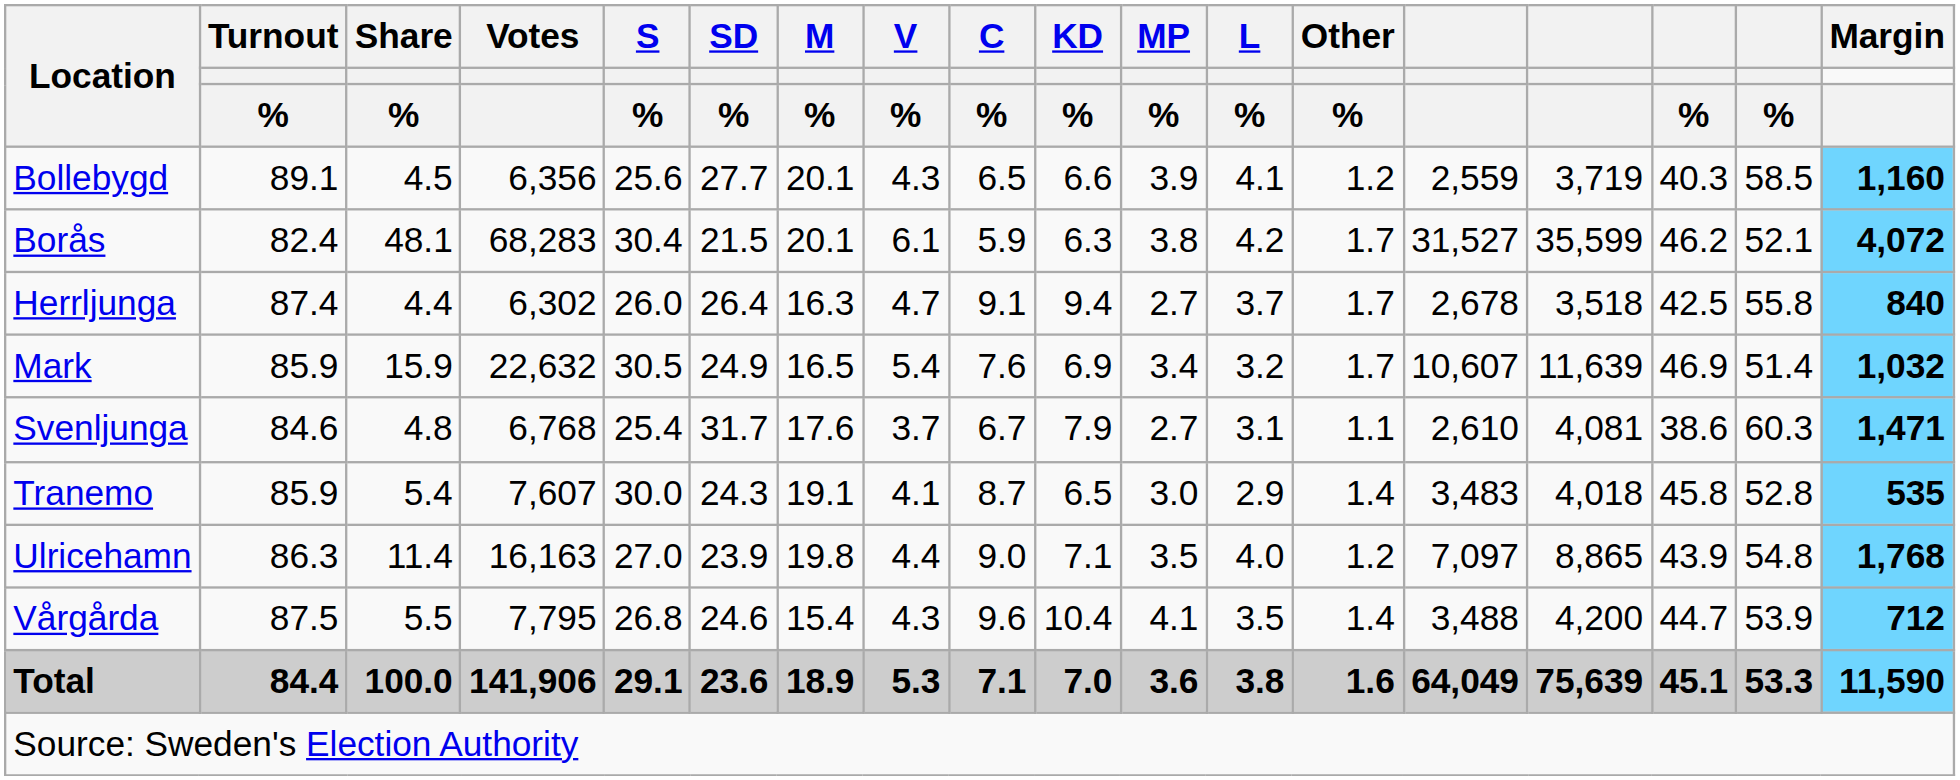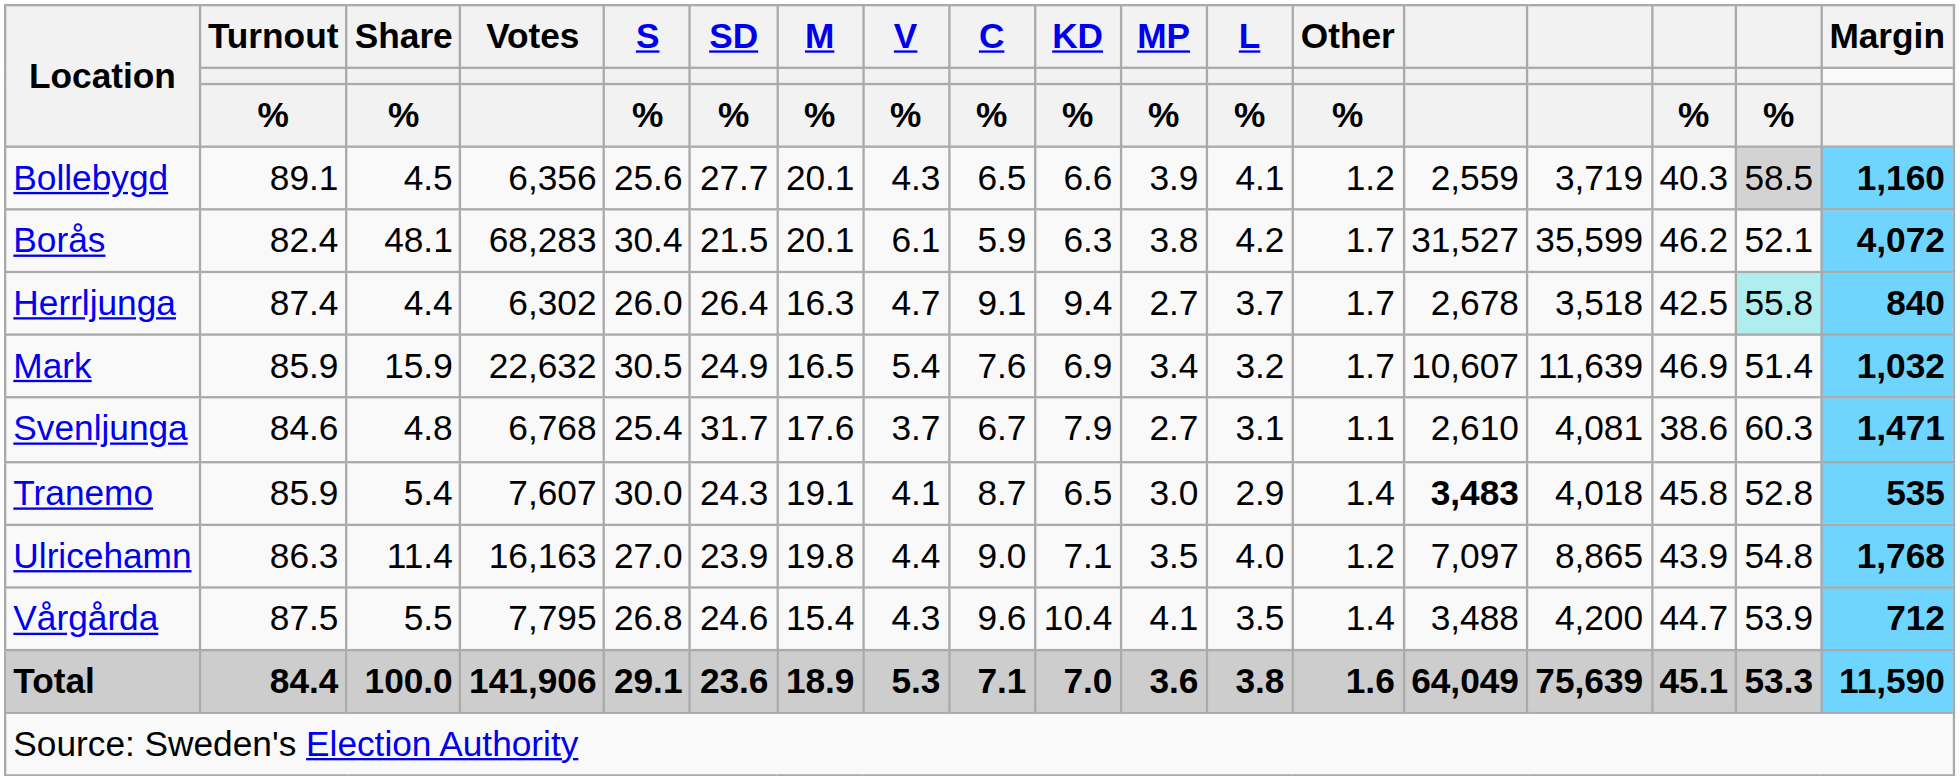 <table class="wikitable sortable" style="text-align:right; font-size:95%; line-height:20px;">
 <tr>
 <th rowspan="3">Location</th>
 <th>Turnout</th>
 <th>Share</th>
 <th>Votes</th>
 <th width="30px" class="unsortable"><a href='#'>S</a></th>
 <th width="30px" class="unsortable"><a href='#'>SD</a></th>
 <th width="30px" class="unsortable"><a href='#'>M</a></th>
 <th width="30px" class="unsortable"><a href='#'>V</a></th>
 <th width="30px" class="unsortable"><a href='#'>C</a></th>
 <th width="30px" class="unsortable"><a href='#'>KD</a></th>
 <th width="30px" class="unsortable"><a href='#'>MP</a></th>
 <th width="30px" class="unsortable"><a href='#'>L</a></th>
 <th width="30px" class="unsortable">Other</th>
 <th></th>
 <th></th>
 <th></th>
 <th></th>
 <th>Margin</th>
 </tr>
 <tr>
 <th></th>
 <th></th>
 <th></th>
 <th style="background:"></th>
 <th style="background:"></th>
 <th style="background:"></th>
 <th style="background:"></th>
 <th style="background:"></th>
 <th style="background:"></th>
 <th style="background:"></th>
 <th style="background:"></th>
 <th style="background:"></th>
 <th style="background:"></th>
 <th style="background:"></th>
 <th style="background:"></th>
 <th style="background:"></th>
 </tr>
 <tr>
 <th data-sort-type="number">%</th>
 <th data-sort-type="number">%</th>
 <th></th>
 <th data-sort-type="number">%</th>
 <th data-sort-type="number">%</th>
 <th data-sort-type="number">%</th>
 <th data-sort-type="number">%</th>
 <th data-sort-type="number">%</th>
 <th data-sort-type="number">%</th>
 <th data-sort-type="number">%</th>
 <th data-sort-type="number">%</th>
 <th data-sort-type="number">%</th>
 <th data-sort-type="number"></th>
 <th data-sort-type="number"></th>
 <th data-sort-type="number">%</th>
 <th data-sort-type="number">%</th>
 <th data-sort-type="number"></th>
 </tr>
 <tr>
 <td align="left"><a href='#'>Bollebygd</a></td>
 <td>89.1</td>
 <td>4.5</td>
 <td>6,356</td>
 <td>25.6</td>
 <td>27.7</td>
 <td>20.1</td>
 <td>4.3</td>
 <td>6.5</td>
 <td>6.6</td>
 <td>3.9</td>
 <td>4.1</td>
 <td>1.2</td>
 <td>2,559</td>
 <td>3,719</td>
 <td>40.3</td>
-<td>58.5</td>
+<td style="background: lightgrey;">58.5</td>
 <td bgcolor=#6fd5fe><strong>1,160</strong></td>
 </tr>
 <tr>
 <td align="left"><a href='#'>Borås</a></td>
 <td>82.4</td>
 <td>48.1</td>
 <td>68,283</td>
 <td>30.4</td>
 <td>21.5</td>
 <td>20.1</td>
 <td>6.1</td>
 <td>5.9</td>
 <td>6.3</td>
 <td>3.8</td>
 <td>4.2</td>
 <td>1.7</td>
 <td>31,527</td>
 <td>35,599</td>
 <td>46.2</td>
 <td>52.1</td>
 <td bgcolor=#6fd5fe><strong>4,072</strong></td>
 </tr>
 <tr>
 <td align="left"><a href='#'>Herrljunga</a></td>
 <td>87.4</td>
 <td>4.4</td>
 <td>6,302</td>
 <td>26.0</td>
 <td>26.4</td>
 <td>16.3</td>
 <td>4.7</td>
 <td>9.1</td>
 <td>9.4</td>
 <td>2.7</td>
 <td>3.7</td>
 <td>1.7</td>
 <td>2,678</td>
 <td>3,518</td>
 <td>42.5</td>
-<td>55.8</td>
+<td style="background: paleturquoise;">55.8</td>
 <td bgcolor=#6fd5fe><strong>840</strong></td>
 </tr>
 <tr>
 <td align="left"><a href='#'>Mark</a></td>
 <td>85.9</td>
 <td>15.9</td>
 <td>22,632</td>
 <td>30.5</td>
 <td>24.9</td>
 <td>16.5</td>
 <td>5.4</td>
 <td>7.6</td>
 <td>6.9</td>
 <td>3.4</td>
 <td>3.2</td>
 <td>1.7</td>
 <td>10,607</td>
 <td>11,639</td>
 <td>46.9</td>
 <td>51.4</td>
 <td bgcolor=#6fd5fe><strong>1,032</strong></td>
 </tr>
 <tr>
 <td align="left"><a href='#'>Svenljunga</a></td>
 <td>84.6</td>
 <td>4.8</td>
 <td>6,768</td>
 <td>25.4</td>
 <td>31.7</td>
 <td>17.6</td>
 <td>3.7</td>
 <td>6.7</td>
 <td>7.9</td>
 <td>2.7</td>
 <td>3.1</td>
 <td>1.1</td>
 <td>2,610</td>
 <td>4,081</td>
 <td>38.6</td>
 <td>60.3</td>
 <td bgcolor=#6fd5fe><strong>1,471</strong></td>
 </tr>
 <tr>
 <td align="left"><a href='#'>Tranemo</a></td>
 <td>85.9</td>
 <td>5.4</td>
 <td>7,607</td>
 <td>30.0</td>
 <td>24.3</td>
 <td>19.1</td>
 <td>4.1</td>
 <td>8.7</td>
 <td>6.5</td>
 <td>3.0</td>
 <td>2.9</td>
 <td>1.4</td>
-<td>3,483</td>
+<td><strong>3,483</strong></td>
 <td>4,018</td>
 <td>45.8</td>
 <td>52.8</td>
 <td bgcolor=#6fd5fe><strong>535</strong></td>
 </tr>
 <tr>
 <td align="left"><a href='#'>Ulricehamn</a></td>
 <td>86.3</td>
 <td>11.4</td>
 <td>16,163</td>
 <td>27.0</td>
 <td>23.9</td>
 <td>19.8</td>
 <td>4.4</td>
 <td>9.0</td>
 <td>7.1</td>
 <td>3.5</td>
 <td>4.0</td>
 <td>1.2</td>
 <td>7,097</td>
 <td>8,865</td>
 <td>43.9</td>
 <td>54.8</td>
 <td bgcolor=#6fd5fe><strong>1,768</strong></td>
 </tr>
 <tr>
 <td align="left"><a href='#'>Vårgårda</a></td>
 <td>87.5</td>
 <td>5.5</td>
 <td>7,795</td>
 <td>26.8</td>
 <td>24.6</td>
 <td>15.4</td>
 <td>4.3</td>
 <td>9.6</td>
 <td>10.4</td>
 <td>4.1</td>
 <td>3.5</td>
 <td>1.4</td>
 <td>3,488</td>
 <td>4,200</td>
 <td>44.7</td>
 <td>53.9</td>
 <td bgcolor=#6fd5fe><strong>712</strong></td>
 </tr>
 <tr style="background:#CDCDCD;">
 <td align="left"><strong>Total</strong></td>
 <td><strong>84.4</strong></td>
 <td><strong>100.0</strong></td>
 <td><strong>141,906</strong></td>
 <td><strong>29.1</strong></td>
 <td><strong>23.6</strong></td>
 <td><strong>18.9</strong></td>
 <td><strong>5.3</strong></td>
 <td><strong>7.1</strong></td>
 <td><strong>7.0</strong></td>
 <td><strong>3.6</strong></td>
 <td><strong>3.8</strong></td>
 <td><strong>1.6</strong></td>
 <td><strong>64,049</strong></td>
 <td><strong>75,639</strong></td>
 <td><strong>45.1</strong></td>
 <td><strong>53.3</strong></td>
 <td bgcolor=#6fd5fe><strong>11,590</strong></td>
 </tr>
 <tr>
 <td colspan="18" align="left">Source: Sweden's <a href='#'>Election Authority</a></td>
 </tr>
 </table>
